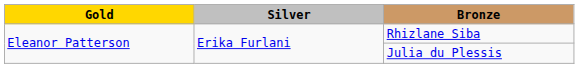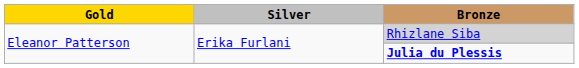 <table class="wikitable" style="text-align:left">
 <tr align="center">
 <td width=200 bgcolor=gold><strong>Gold</strong></td>
 <td width=200 bgcolor=silver><strong>Silver</strong></td>
 <td width=200 bgcolor=CC9966><strong>Bronze</strong></td>
 </tr>
 <tr>
 <td rowspan=2><a href='#'>Eleanor Patterson</a><br></td>
 <td rowspan=2><a href='#'>Erika Furlani</a><br></td>
-<td><a href='#'>Rhizlane Siba</a><br></td>
+<td style="background: lightgrey;"><a href='#'>Rhizlane Siba</a><br></td>
 </tr>
 <tr>
-<td><a href='#'>Julia du Plessis</a><br></td>
+<td><strong><a href='#'>Julia du Plessis</a><br></strong></td>
 </tr>
 </table>
